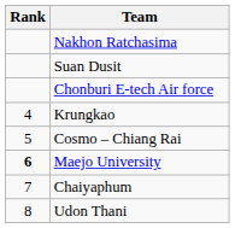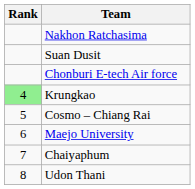 <table class="wikitable" style="text-align: center;">
 <tr>
 <th width=40>Rank</th>
 <th width=180>Team</th>
 </tr>
 <tr>
 <td></td>
 <td align="left"><a href='#'>Nakhon Ratchasima</a></td>
 </tr>
 <tr>
 <td></td>
 <td align="left">Suan Dusit</td>
 </tr>
 <tr>
 <td></td>
 <td align="left"><a href='#'>Chonburi E-tech Air force</a></td>
 </tr>
 <tr>
-<td>4</td>
+<td style="background: lightgreen;">4</td>
 <td align="left">Krungkao</td>
 </tr>
 <tr>
 <td>5</td>
 <td align="left">Cosmo – Chiang Rai</td>
 </tr>
 <tr>
-<td><strong>6</strong></td>
+<td>6</td>
 <td align="left"><a href='#'>Maejo University</a></td>
 </tr>
 <tr>
 <td>7</td>
 <td align="left">Chaiyaphum</td>
 </tr>
 <tr>
 <td>8</td>
 <td align="left">Udon Thani</td>
 </tr>
 </table>
